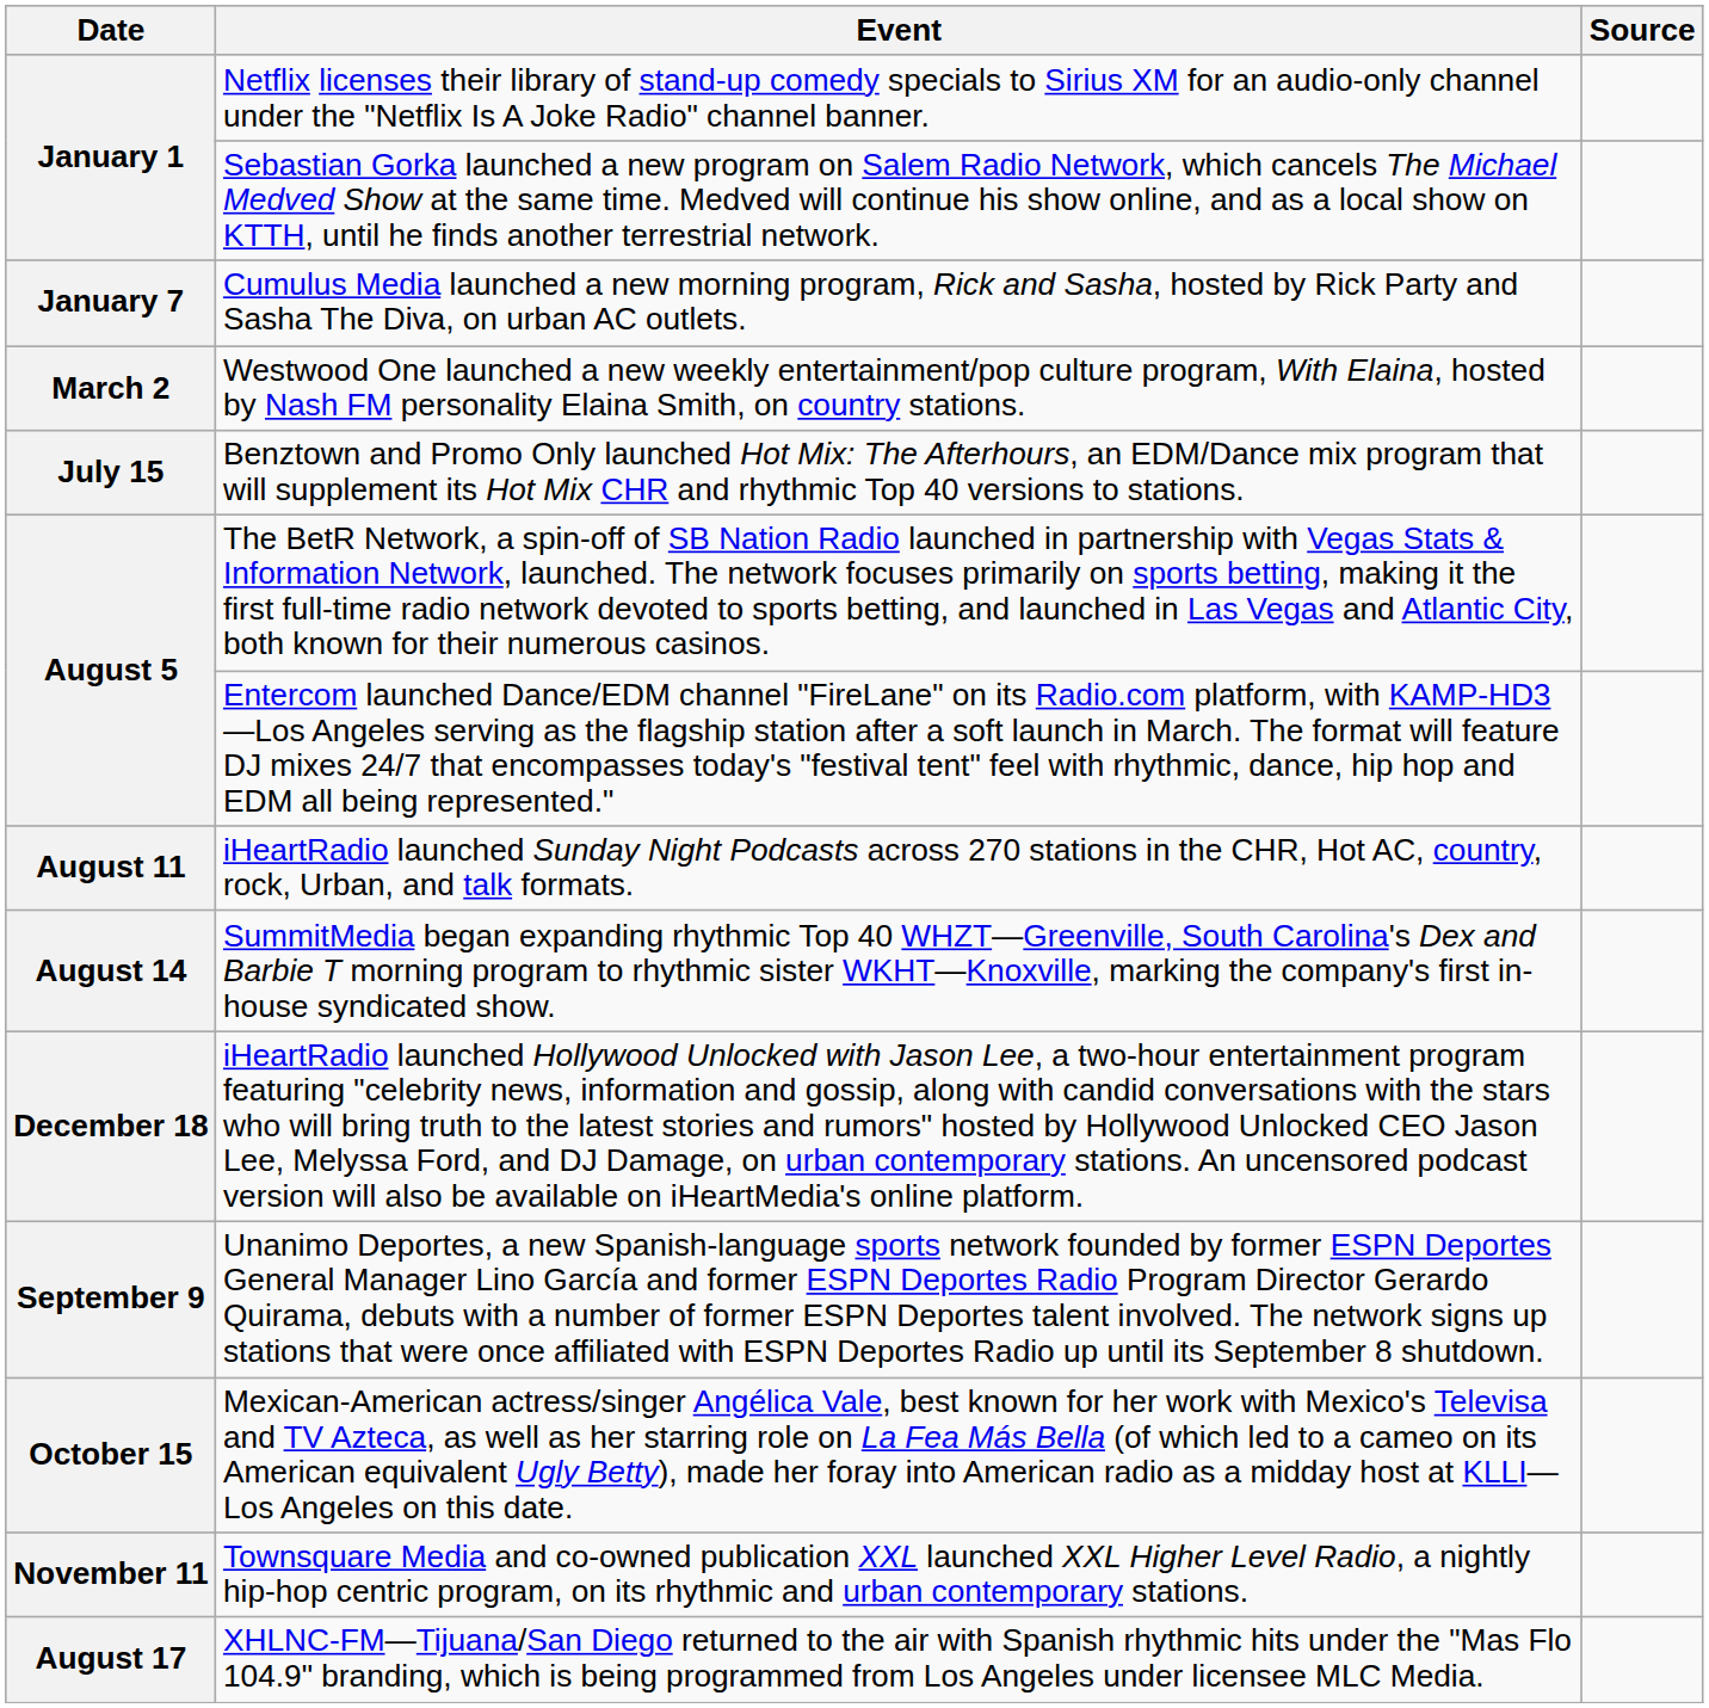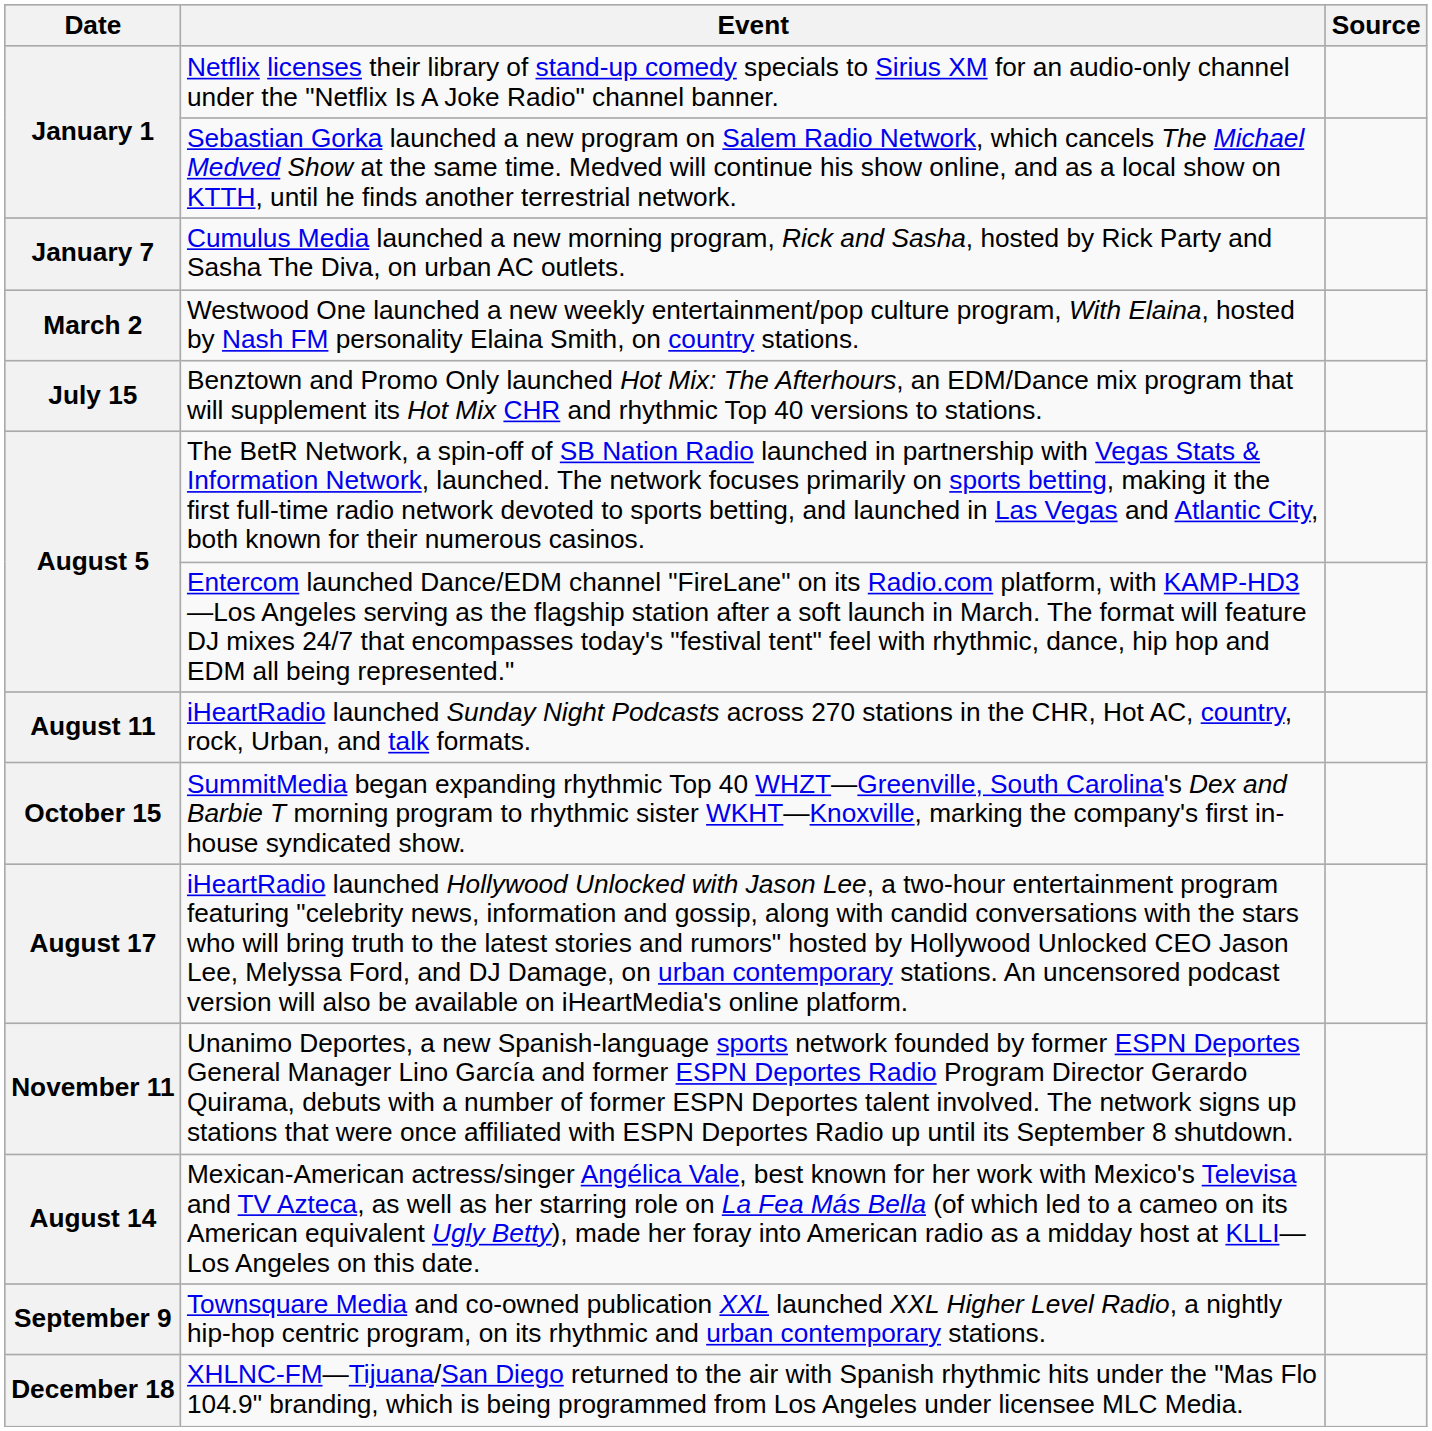 <table class=wikitable>
 <tr>
 <th width=100>Date</th>
 <th>Event</th>
 <th>Source</th>
 </tr>
 <tr>
 <th rowspan=2>January 1</th>
 <td><a href='#'>Netflix</a> <a href='#'>licenses</a> their library of <a href='#'>stand-up comedy</a> specials to <a href='#'>Sirius XM</a> for an audio-only channel under the "Netflix Is A Joke Radio" channel banner.</td>
 <td></td>
 </tr>
 <tr>
 <td><a href='#'>Sebastian Gorka</a> launched a new program on <a href='#'>Salem Radio Network</a>, which cancels <em>The <a href='#'>Michael Medved</a> Show</em> at the same time. Medved will continue his show online, and as a local show on <a href='#'>KTTH</a>, until he finds another terrestrial network.</td>
 <td></td>
 </tr>
 <tr>
 <th>January 7</th>
 <td><a href='#'>Cumulus Media</a> launched a new morning program, <em>Rick and Sasha</em>, hosted by Rick Party and Sasha The Diva, on urban AC outlets.</td>
 <td></td>
 </tr>
 <tr>
 <th>March 2</th>
 <td>Westwood One launched a new weekly entertainment/pop culture program, <em>With Elaina</em>, hosted by <a href='#'>Nash FM</a> personality Elaina Smith, on <a href='#'>country</a> stations.</td>
 <td></td>
 </tr>
 <tr>
 <th>July 15</th>
 <td>Benztown and Promo Only launched <em>Hot Mix: The Afterhours</em>, an EDM/Dance mix program that will supplement its <em>Hot Mix</em> <a href='#'>CHR</a> and rhythmic Top 40 versions to stations.</td>
 <td></td>
 </tr>
 <tr>
 <th rowspan=2>August 5</th>
 <td>The BetR Network, a spin-off of <a href='#'>SB Nation Radio</a> launched in partnership with <a href='#'>Vegas Stats & Information Network</a>, launched. The network focuses primarily on <a href='#'>sports betting</a>, making it the first full-time radio network devoted to sports betting, and launched in <a href='#'>Las Vegas</a> and <a href='#'>Atlantic City</a>, both known for their numerous casinos.</td>
 <td></td>
 </tr>
 <tr>
 <td><a href='#'>Entercom</a> launched Dance/EDM channel "FireLane" on its <a href='#'>Radio.com</a> platform, with <a href='#'>KAMP-HD3</a>—Los Angeles serving as the flagship station after a soft launch in March. The format will feature DJ mixes 24/7 that encompasses today's "festival tent" feel with rhythmic, dance, hip hop and EDM all being represented."</td>
 <td></td>
 </tr>
 <tr>
 <th>August 11</th>
 <td><a href='#'>iHeartRadio</a> launched <em>Sunday Night Podcasts</em> across 270 stations in the CHR, Hot AC, <a href='#'>country</a>, rock, Urban, and <a href='#'>talk</a> formats.</td>
 <td></td>
 </tr>
 <tr>
-<th>August 14</th>
+<th>October 15</th>
 <td><a href='#'>SummitMedia</a> began expanding rhythmic Top 40 <a href='#'>WHZT</a>—<a href='#'>Greenville, South Carolina</a>'s <em>Dex and Barbie T</em> morning program to rhythmic sister <a href='#'>WKHT</a>—<a href='#'>Knoxville</a>, marking the company's first in-house syndicated show.</td>
 <td></td>
 </tr>
 <tr>
-<th>December 18</th>
+<th>August 17</th>
 <td><a href='#'>iHeartRadio</a> launched <em> Hollywood Unlocked with Jason Lee</em>, a two-hour entertainment program featuring "celebrity news, information and gossip, along with candid conversations with the stars who will bring truth to the latest stories and rumors" hosted by Hollywood Unlocked CEO Jason Lee, Melyssa Ford, and DJ Damage, on <a href='#'>urban contemporary</a> stations. An uncensored podcast version will also be available on iHeartMedia's online platform.</td>
 <td></td>
 </tr>
 <tr>
-<th>September 9</th>
+<th>November 11</th>
 <td>Unanimo Deportes, a new Spanish-language <a href='#'>sports</a> network founded by former <a href='#'>ESPN Deportes</a> General Manager Lino García and former <a href='#'>ESPN Deportes Radio</a> Program Director Gerardo Quirama, debuts with a number of former ESPN Deportes talent involved. The network signs up stations that were once affiliated with ESPN Deportes Radio up until its September 8 shutdown.</td>
 <td></td>
 </tr>
 <tr>
-<th>October 15</th>
+<th>August 14</th>
 <td>Mexican-American actress/singer <a href='#'>Angélica Vale</a>, best known for her work with Mexico's <a href='#'>Televisa</a> and <a href='#'>TV Azteca</a>, as well as her starring role on <em><a href='#'>La Fea Más Bella</a></em> (of which led to a cameo on its American equivalent <em><a href='#'>Ugly Betty</a></em>), made her foray into American radio as a midday host at <a href='#'>KLLI</a>—Los Angeles on this date.</td>
 <td></td>
 </tr>
 <tr>
-<th>November 11</th>
+<th>September 9</th>
 <td><a href='#'>Townsquare Media</a> and co-owned publication <em><a href='#'>XXL</a></em> launched <em>XXL Higher Level Radio</em>, a nightly hip-hop centric program, on its rhythmic and <a href='#'>urban contemporary</a> stations.</td>
 <td></td>
 </tr>
 <tr>
-<th>August 17</th>
+<th>December 18</th>
 <td><a href='#'>XHLNC-FM</a>—<a href='#'>Tijuana</a>/<a href='#'>San Diego</a> returned to the air with Spanish rhythmic hits under the "Mas Flo 104.9" branding, which is being programmed from Los Angeles under licensee MLC Media.</td>
 <td></td>
 </tr>
 </table>
